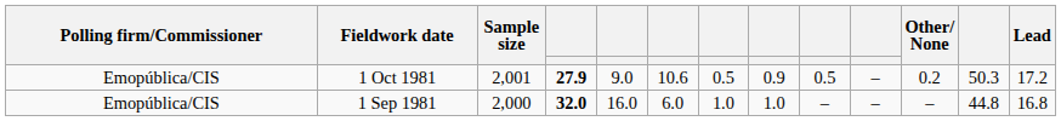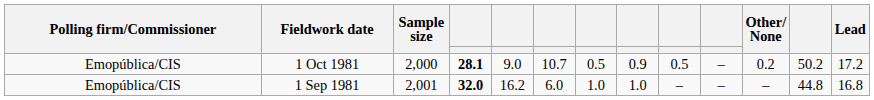 <table class="wikitable collapsible collapsed" style="text-align:center; font-size:90%; line-height:14px;">
 <tr style="height:42px;">
 <th style="width:250px;" rowspan="2">Polling firm/Commissioner</th>
 <th style="width:125px;" rowspan="2">Fieldwork date</th>
 <th style="width:50px;" rowspan="2">Sample size</th>
 <th style="width:35px;"></th>
 <th style="width:35px;"></th>
 <th style="width:35px;"></th>
 <th style="width:35px;"></th>
 <th style="width:35px;"></th>
 <th style="width:35px;"></th>
 <th style="width:35px;"></th>
 <th style="width:35px;" rowspan="2">Other/<br>None</th>
 <th style="width:35px;" rowspan="2"></th>
 <th style="width:30px;" rowspan="2">Lead</th>
 </tr>
 <tr>
 <th style="color:inherit;background:"></th>
 <th style="color:inherit;background:"></th>
 <th style="color:inherit;background:"></th>
 <th style="color:inherit;background:"></th>
 <th style="color:inherit;background:"></th>
 <th style="color:inherit;background:"></th>
 <th style="color:inherit;background:"></th>
 </tr>
 <tr>
 <td>Emopública/CIS</td>
 <td>1 Oct 1981</td>
-<td>2,001</td>
-<td><strong>27.9</strong></td>
+<td>2,000</td>
+<td><strong>28.1</strong></td>
 <td>9.0</td>
-<td>10.6</td>
+<td>10.7</td>
 <td>0.5</td>
 <td>0.9</td>
 <td>0.5</td>
 <td>–</td>
 <td>0.2</td>
-<td>50.3</td>
+<td>50.2</td>
 <td style="background:">17.2</td>
 </tr>
 <tr>
 <td>Emopública/CIS</td>
 <td>1 Sep 1981</td>
-<td>2,000</td>
+<td>2,001</td>
 <td><strong>32.0</strong></td>
-<td>16.0</td>
+<td>16.2</td>
 <td>6.0</td>
 <td>1.0</td>
 <td>1.0</td>
 <td>–</td>
 <td>–</td>
 <td>–</td>
 <td>44.8</td>
 <td style="background:">16.8</td>
 </tr>
 </table>
